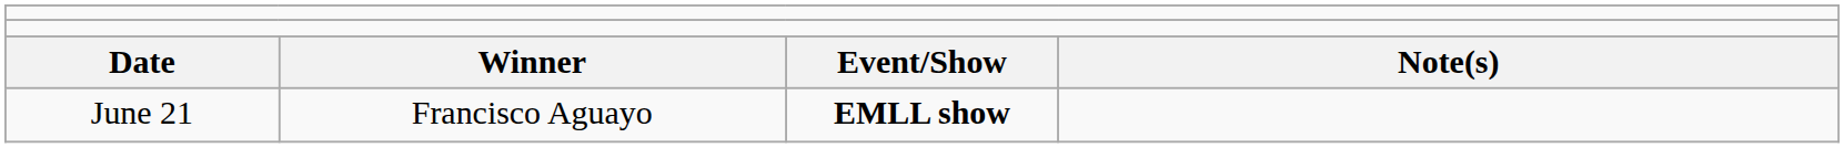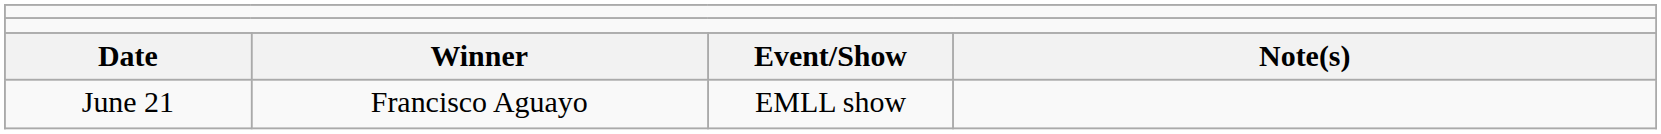 <table class="wikitable" style="text-align:center; width:100%;">
 <tr>
 <td colspan=5></td>
 </tr>
 <tr>
 <td colspan=5><strong></strong></td>
 </tr>
 <tr>
 <th width=14%>Date</th>
 <th width=26%>Winner</th>
 <th width=14%>Event/Show</th>
 <th width=40%>Note(s)</th>
 </tr>
 <tr>
 <td>June 21</td>
 <td>Francisco Aguayo</td>
-<td><strong>EMLL show</strong></td>
+<td>EMLL show</td>
 <td align=left></td>
 </tr>
 </table>
